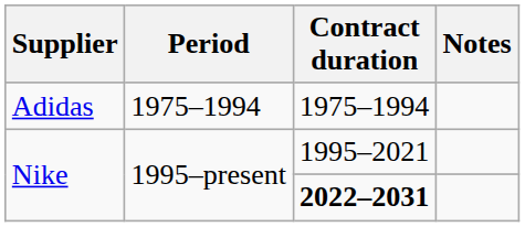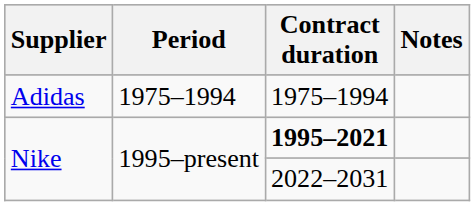 <table class="wikitable" style="text-align: left">
 <tr>
 <th>Supplier</th>
 <th>Period</th>
 <th>Contract<br>duration</th>
 <th>Notes</th>
 </tr>
 <tr>
 <td><a href='#'>Adidas</a></td>
 <td>1975–1994</td>
 <td>1975–1994</td>
 <td></td>
 </tr>
 <tr>
 <td rowspan="2"><a href='#'>Nike</a></td>
 <td rowspan="2">1995–present</td>
-<td>1995–2021</td>
+<td><strong>1995–2021</strong></td>
 </tr>
 <tr>
-<td><strong>2022–2031</strong></td>
+<td>2022–2031</td>
 <td></td>
 </tr>
 </table>
